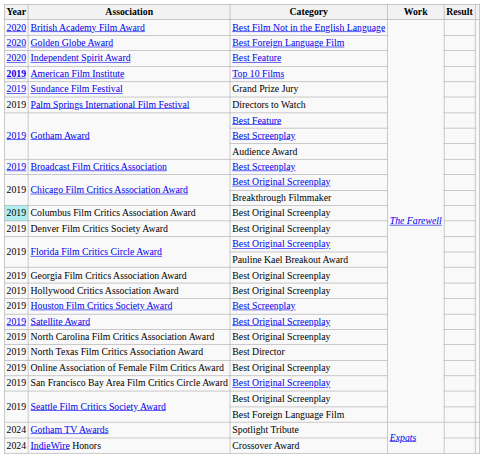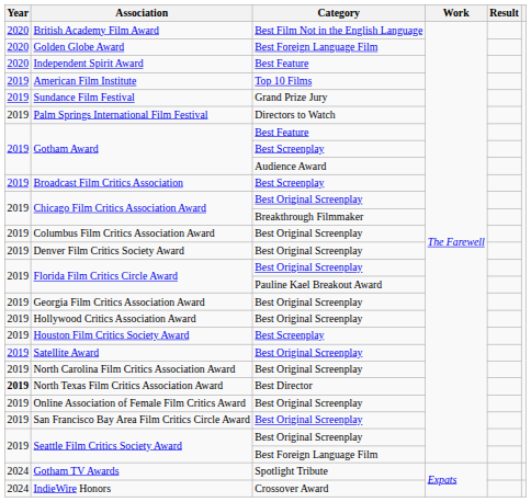 <table class="wikitable sortable">
 <tr>
 <th>Year</th>
 <th>Association</th>
 <th>Category</th>
 <th>Work</th>
 <th>Result</th>
 <th class="unsortable"></th>
 </tr>
 <tr>
 <td><a href='#'>2020</a></td>
 <td><a href='#'>British Academy Film Award</a></td>
 <td><a href='#'>Best Film Not in the English Language</a></td>
 <td rowspan=26><em><a href='#'>The Farewell</a></em></td>
 <td></td>
 <td rowspan=26></td>
 </tr>
 <tr>
 <td><a href='#'>2020</a></td>
 <td><a href='#'>Golden Globe Award</a></td>
 <td><a href='#'>Best Foreign Language Film</a></td>
 <td></td>
 </tr>
 <tr>
 <td><a href='#'>2020</a></td>
 <td><a href='#'>Independent Spirit Award</a></td>
 <td><a href='#'>Best Feature</a></td>
 <td></td>
 </tr>
 <tr>
-<td><strong><a href='#'>2019</a></strong></td>
+<td><a href='#'>2019</a></td>
 <td><a href='#'>American Film Institute</a></td>
 <td><a href='#'>Top 10 Films</a></td>
 <td></td>
 </tr>
 <tr>
 <td><a href='#'>2019</a></td>
 <td><a href='#'>Sundance Film Festival</a></td>
 <td>Grand Prize Jury</td>
 <td></td>
 </tr>
 <tr>
 <td>2019</td>
 <td><a href='#'>Palm Springs International Film Festival</a></td>
 <td>Directors to Watch</td>
 <td></td>
 </tr>
 <tr>
 <td rowspan=3><a href='#'>2019</a></td>
 <td rowspan=3><a href='#'>Gotham Award</a></td>
 <td><a href='#'>Best Feature</a></td>
 <td></td>
 </tr>
 <tr>
 <td><a href='#'>Best Screenplay</a></td>
 <td></td>
 </tr>
 <tr>
 <td>Audience Award</td>
 <td></td>
 </tr>
 <tr>
 <td><a href='#'>2019</a></td>
 <td><a href='#'>Broadcast Film Critics Association</a></td>
 <td><a href='#'>Best Screenplay</a></td>
 <td></td>
 </tr>
 <tr>
 <td rowspan=2>2019</td>
 <td rowspan=2><a href='#'>Chicago Film Critics Association Award</a></td>
 <td><a href='#'>Best Original Screenplay</a></td>
 <td></td>
 </tr>
 <tr>
 <td>Breakthrough Filmmaker</td>
 <td></td>
 </tr>
 <tr>
-<td style="background: paleturquoise;">2019</td>
+<td>2019</td>
 <td>Columbus Film Critics Association Award</td>
 <td>Best Original Screenplay</td>
 <td></td>
 </tr>
 <tr>
 <td>2019</td>
 <td>Denver Film Critics Society Award</td>
 <td>Best Original Screenplay</td>
 <td></td>
 </tr>
 <tr>
 <td rowspan=2>2019</td>
 <td rowspan=2><a href='#'>Florida Film Critics Circle Award</a></td>
 <td><a href='#'>Best Original Screenplay</a></td>
 <td></td>
 </tr>
 <tr>
 <td>Pauline Kael Breakout Award</td>
 <td></td>
 </tr>
 <tr>
 <td>2019</td>
 <td>Georgia Film Critics Association Award</td>
 <td>Best Original Screenplay</td>
 <td></td>
 </tr>
 <tr>
 <td>2019</td>
 <td>Hollywood Critics Association Award</td>
 <td>Best Original Screenplay</td>
 <td></td>
 </tr>
 <tr>
 <td>2019</td>
 <td><a href='#'>Houston Film Critics Society Award</a></td>
 <td><a href='#'>Best Screenplay</a></td>
 <td></td>
 </tr>
 <tr>
 <td><a href='#'>2019</a></td>
 <td><a href='#'>Satellite Award</a></td>
 <td><a href='#'>Best Original Screenplay</a></td>
 <td></td>
 </tr>
 <tr>
 <td>2019</td>
 <td>North Carolina Film Critics Association Award</td>
 <td>Best Original Screenplay</td>
 <td></td>
 </tr>
 <tr>
-<td>2019</td>
+<td><strong>2019</strong></td>
 <td>North Texas Film Critics Association Award</td>
 <td>Best Director</td>
 <td></td>
 </tr>
 <tr>
 <td>2019</td>
 <td>Online Association of Female Film Critics Award</td>
 <td>Best Original Screenplay</td>
 <td></td>
 </tr>
 <tr>
 <td>2019</td>
 <td>San Francisco Bay Area Film Critics Circle Award</td>
 <td><a href='#'>Best Original Screenplay</a></td>
 <td></td>
 </tr>
 <tr>
 <td rowspan=2>2019</td>
 <td rowspan=2><a href='#'>Seattle Film Critics Society Award</a></td>
 <td>Best Original Screenplay</td>
 <td></td>
 </tr>
 <tr>
 <td>Best Foreign Language Film</td>
 <td></td>
 </tr>
 <tr>
 <td>2024</td>
 <td><a href='#'>Gotham TV Awards</a></td>
 <td>Spotlight Tribute</td>
 <td rowspan=2><em><a href='#'>Expats</a></em></td>
 <td></td>
 <td></td>
 </tr>
 <tr>
 <td>2024</td>
 <td><a href='#'>IndieWire</a> Honors</td>
 <td>Crossover Award</td>
 <td></td>
 <td></td>
 </tr>
 </table>
